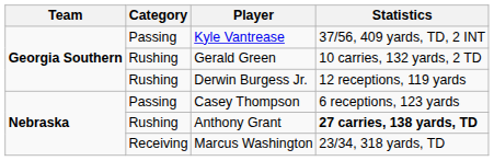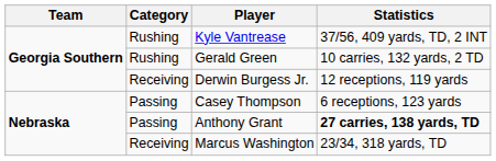 <table class="wikitable" style="float: right;">
 <tr>
 <th>Team</th>
 <th>Category</th>
 <th>Player</th>
 <th>Statistics</th>
 </tr>
 <tr>
 <td rowspan=3><strong>Georgia Southern</strong></td>
-<td>Passing</td>
+<td>Rushing</td>
 <td><a href='#'>Kyle Vantrease</a></td>
 <td>37/56, 409 yards, TD, 2 INT</td>
 </tr>
 <tr>
 <td>Rushing</td>
 <td>Gerald Green</td>
 <td>10 carries, 132 yards, 2 TD</td>
 </tr>
 <tr>
-<td>Rushing</td>
+<td>Receiving</td>
 <td>Derwin Burgess Jr.</td>
 <td>12 receptions, 119 yards</td>
 </tr>
 <tr>
 <td rowspan=3><strong>Nebraska</strong></td>
 <td>Passing</td>
 <td>Casey Thompson</td>
 <td>6 receptions, 123 yards</td>
 </tr>
 <tr>
-<td>Rushing</td>
+<td>Passing</td>
 <td>Anthony Grant</td>
 <td><strong>27 carries, 138 yards, TD</strong></td>
 </tr>
 <tr>
 <td>Receiving</td>
 <td>Marcus Washington</td>
 <td>23/34, 318 yards, TD</td>
 </tr>
 </table>
